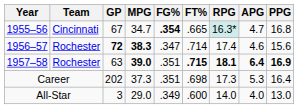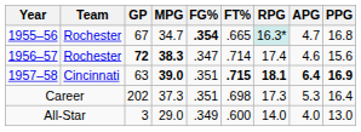 <table class="wikitable sortable" style="font-size:95%; text-align:right;">
 <tr>
 <th>Year</th>
 <th>Team</th>
 <th>GP</th>
 <th>MPG</th>
 <th>FG%</th>
 <th>FT%</th>
 <th>RPG</th>
 <th>APG</th>
 <th>PPG</th>
 </tr>
 <tr>
 <td style="text-align:left;"><a href='#'>1955–56</a></td>
-<td style="text-align:left;"><a href='#'>Cincinnati</a></td>
+<td style="text-align:left;"><a href='#'>Rochester</a></td>
 <td>67</td>
 <td>34.7</td>
 <td><strong>.354</strong></td>
 <td>.665</td>
 <td style="background:#cfecec;">16.3*</td>
 <td>4.7</td>
 <td>16.8</td>
 </tr>
 <tr>
 <td style="text-align:left;"><a href='#'>1956–57</a></td>
 <td style="text-align:left;"><a href='#'>Rochester</a></td>
 <td><strong>72</strong></td>
 <td><strong>38.3</strong></td>
 <td>.347</td>
 <td>.714</td>
 <td>17.4</td>
 <td>4.6</td>
 <td>15.6</td>
 </tr>
 <tr>
 <td style="text-align:left;"><a href='#'>1957–58</a></td>
-<td style="text-align:left;"><a href='#'>Rochester</a></td>
+<td style="text-align:left;"><a href='#'>Cincinnati</a></td>
 <td>63</td>
 <td><strong>39.0</strong></td>
 <td>.351</td>
 <td><strong>.715</strong></td>
 <td><strong>18.1</strong></td>
 <td><strong>6.4</strong></td>
 <td><strong>16.9</strong></td>
 </tr>
 <tr class="sortbottom">
 <td colspan="2" style="text-align:center;">Career</td>
 <td>202</td>
 <td>37.3</td>
 <td>.351</td>
 <td>.698</td>
 <td>17.3</td>
 <td>5.3</td>
 <td>16.4</td>
 </tr>
 <tr class="sortbottom">
 <td colspan="2" style="text-align:center;">All-Star</td>
 <td>3</td>
 <td>29.0</td>
 <td>.349</td>
 <td>.600</td>
 <td>14.0</td>
 <td>4.0</td>
 <td>13.0</td>
 </tr>
 </table>
